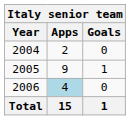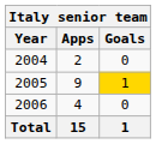 <table class="wikitable" style="text-align:center">
 <tr>
 <th colspan="3">Italy senior team</th>
 </tr>
 <tr>
 <th>Year</th>
 <th>Apps</th>
 <th>Goals</th>
 </tr>
 <tr>
 <td>2004</td>
 <td>2</td>
 <td>0</td>
 </tr>
 <tr>
 <td>2005</td>
 <td>9</td>
-<td>1</td>
+<td style="background: gold;">1</td>
 </tr>
 <tr>
 <td>2006</td>
-<td style="background: lightblue;">4</td>
+<td>4</td>
 <td>0</td>
 </tr>
 <tr>
 <th>Total</th>
 <th>15</th>
 <th>1</th>
 </tr>
 </table>
